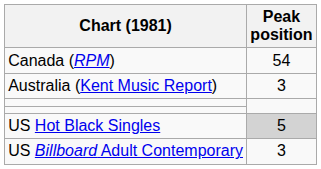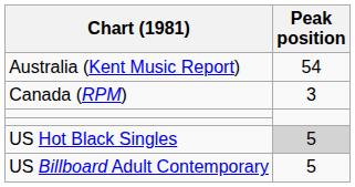 <table class="wikitable sortable">
 <tr>
 <th>Chart (1981)</th>
 <th>Peak<br>position</th>
 </tr>
 <tr>
-<td>Canada (<em><a href='#'>RPM</a></em>) </td>
+<td>Australia (<a href='#'>Kent Music Report</a>)</td>
 <td align="center">54</td>
 </tr>
 <tr>
-<td>Australia (<a href='#'>Kent Music Report</a>)</td>
+<td>Canada (<em><a href='#'>RPM</a></em>) </td>
 <td align="center">3</td>
 </tr>
 <tr>
 <td></td>
 </tr>
 <tr>
 <td></td>
 </tr>
 <tr>
 <td>US <a href='#'>Hot Black Singles</a></td>
 <td align="center" style="background: lightgrey;">5</td>
 </tr>
 <tr>
 <td>US <a href='#'><em>Billboard</em> Adult Contemporary</a></td>
-<td align="center">3</td>
+<td align="center">5</td>
 </tr>
 </table>
